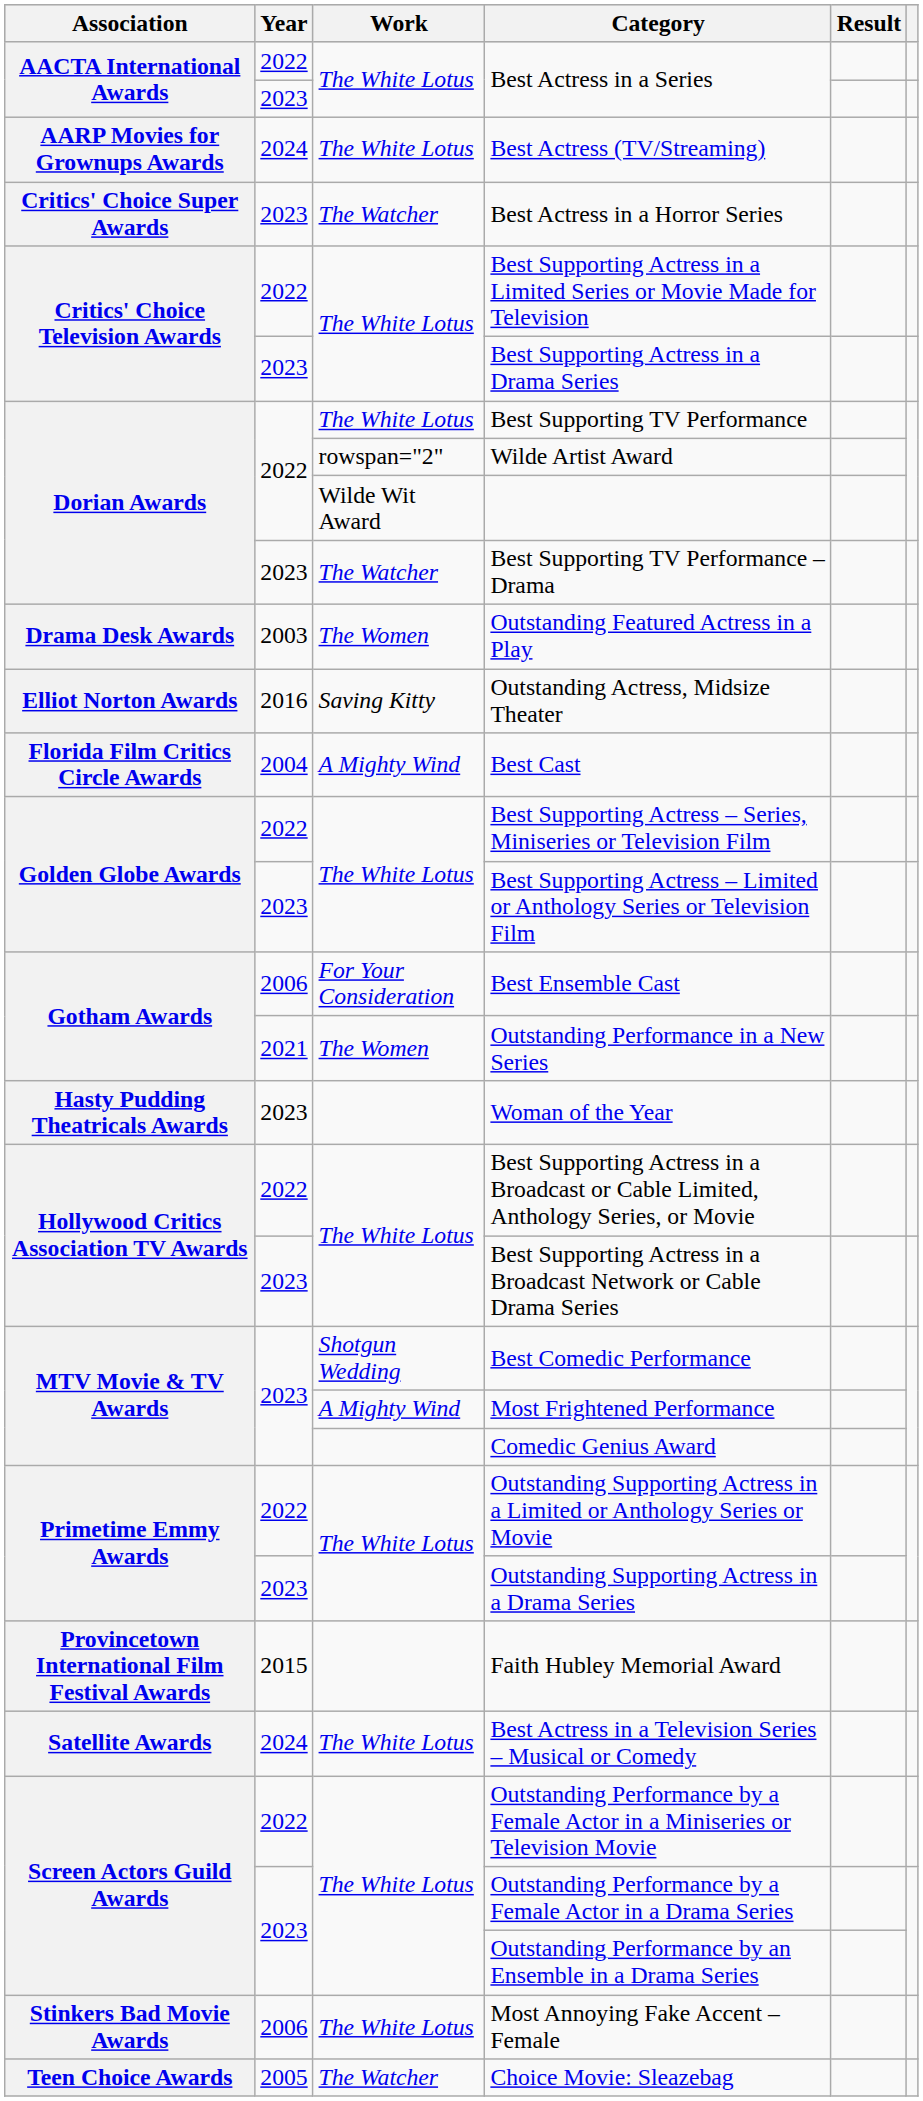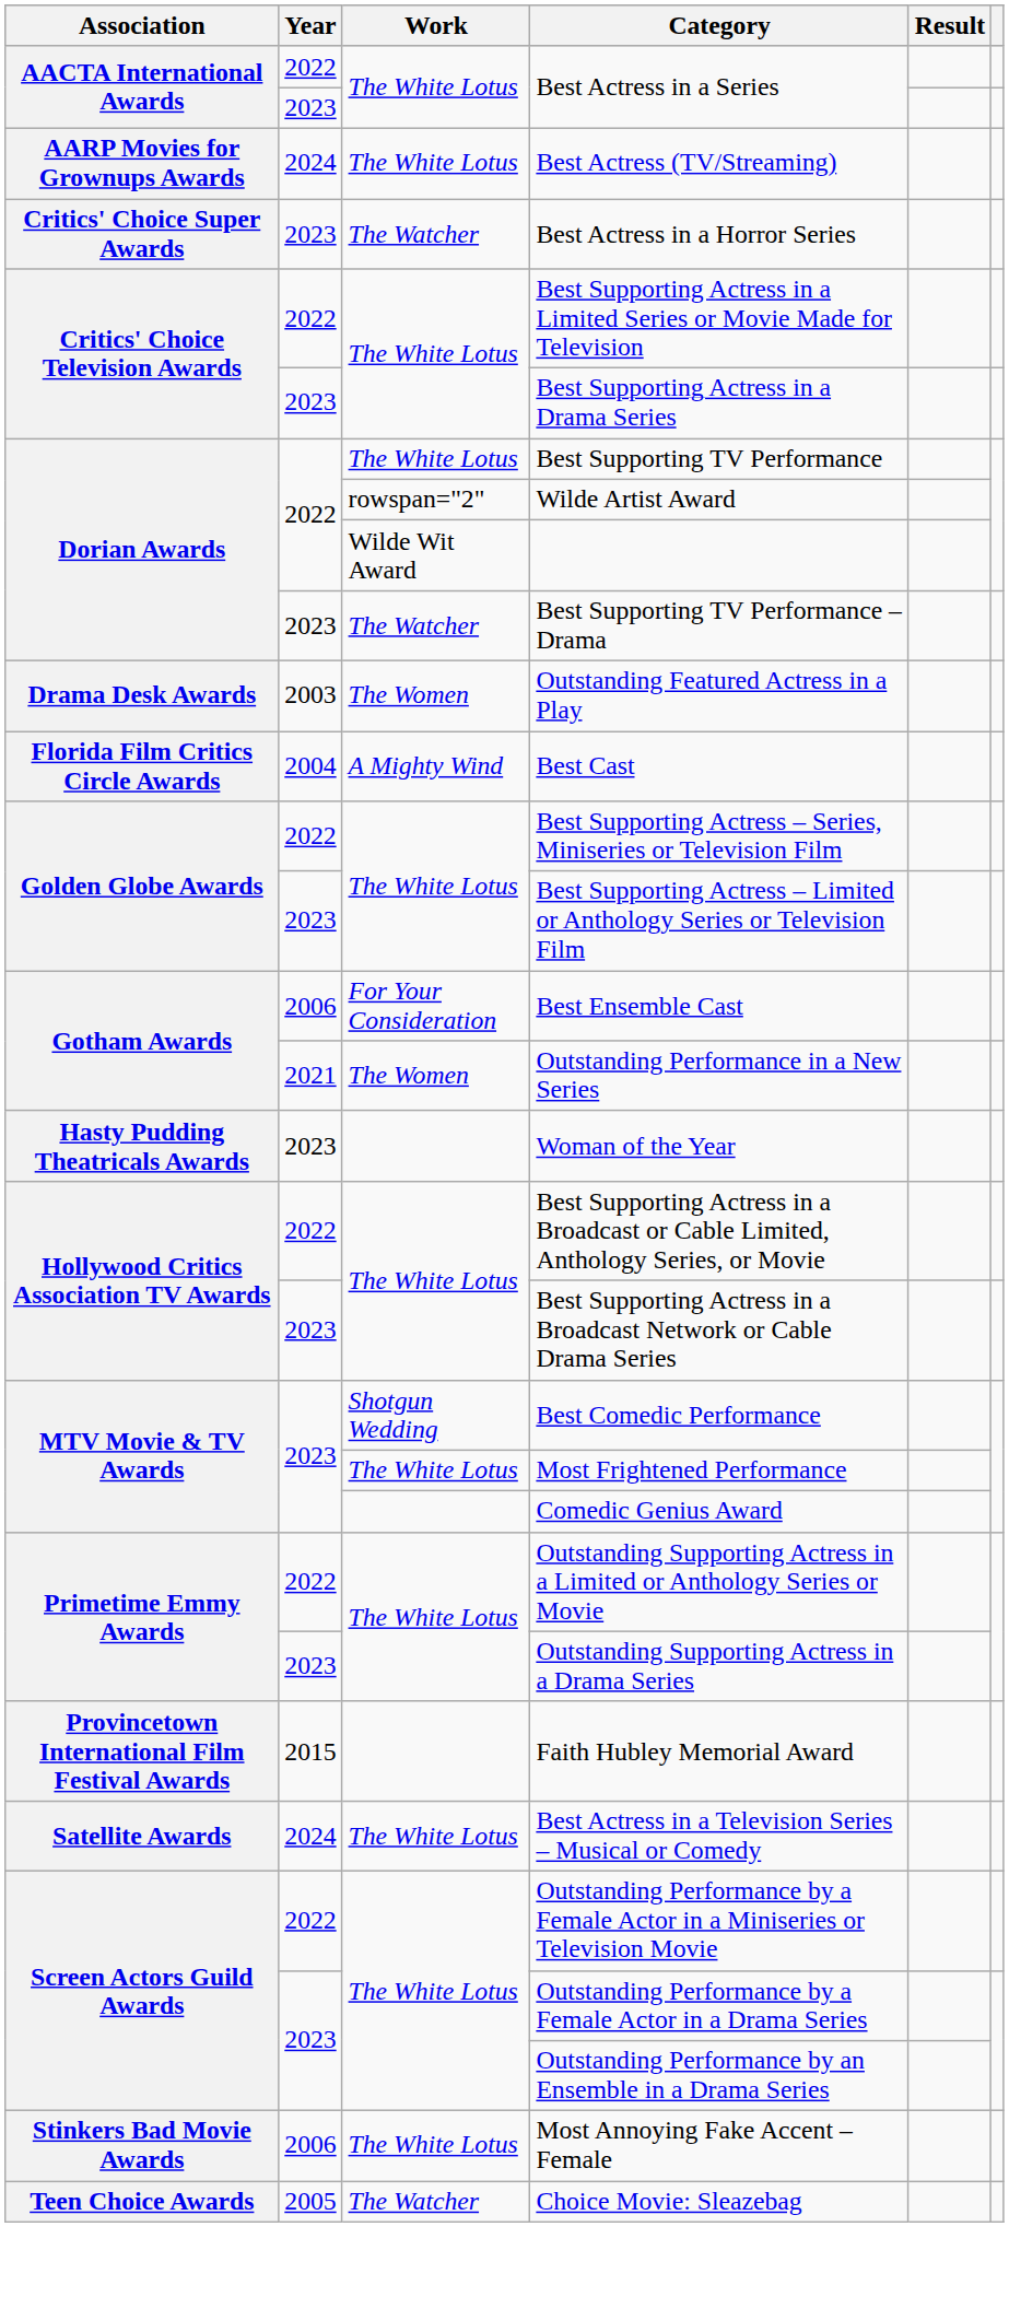 <table class="wikitable sortable plainrowheaders" style="width: 99%;">
 <tr style="background:#ccc; text-align:center;">
 <th scope="col">Association</th>
 <th scope="col">Year</th>
 <th scope="col">Work</th>
 <th scope="col">Category</th>
 <th scope="col">Result</th>
 <th scope="col" class="unsortable"></th>
 </tr>
 <tr>
 <th scope="row" rowspan="2"><a href='#'>AACTA International Awards</a></th>
 <td style="text-align:center;"><a href='#'>2022</a></td>
 <td rowspan="2"><em><a href='#'>The White Lotus</a></em></td>
 <td rowspan="2">Best Actress in a Series</td>
 <td></td>
 <td style="text-align:center;"></td>
 </tr>
 <tr>
 <td style="text-align:center;"><a href='#'>2023</a></td>
 <td></td>
 <td style="text-align:center;"></td>
 </tr>
 <tr>
 <th scope="row"><a href='#'>AARP Movies for Grownups Awards</a></th>
 <td style="text-align:center;"><a href='#'>2024</a></td>
 <td><em><a href='#'>The White Lotus</a></em></td>
 <td><a href='#'>Best Actress (TV/Streaming)</a></td>
 <td></td>
 <td style="text-align:center;"></td>
 </tr>
 <tr>
 <th scope="row"><a href='#'>Critics' Choice Super Awards</a></th>
 <td style="text-align:center;"><a href='#'>2023</a></td>
 <td><em><a href='#'>The Watcher</a></em></td>
 <td>Best Actress in a Horror Series</td>
 <td></td>
 <td style="text-align:center;"></td>
 </tr>
 <tr>
 <th scope="row" rowspan="2"><a href='#'>Critics' Choice Television Awards</a></th>
 <td style="text-align:center;"><a href='#'>2022</a></td>
 <td rowspan="2"><em><a href='#'>The White Lotus</a></em></td>
 <td><a href='#'>Best Supporting Actress in a Limited Series or Movie Made for Television</a></td>
 <td></td>
 <td style="text-align:center;"></td>
 </tr>
 <tr>
 <td style="text-align:center;"><a href='#'>2023</a></td>
 <td><a href='#'>Best Supporting Actress in a Drama Series</a></td>
 <td></td>
 <td align="center"></td>
 </tr>
 <tr>
 <th scope="row" rowspan="4"><a href='#'>Dorian Awards</a></th>
 <td style="text-align:center;" rowspan="3">2022</td>
 <td><em><a href='#'>The White Lotus</a></em></td>
 <td>Best Supporting TV Performance</td>
 <td></td>
 <td style="text-align:center;" rowspan="3"><br></td>
 </tr>
 <tr>
 <td>rowspan="2" </td>
 <td>Wilde Artist Award</td>
 <td></td>
 </tr>
 <tr>
 <td>Wilde Wit Award</td>
 <td></td>
 </tr>
 <tr>
 <td style="text-align:center;">2023</td>
 <td><em><a href='#'>The Watcher</a></em></td>
 <td>Best Supporting TV Performance – Drama</td>
 <td></td>
 <td style="text-align:center;"></td>
 </tr>
 <tr>
 <th scope="row"><a href='#'>Drama Desk Awards</a></th>
 <td style="text-align:center;">2003</td>
 <td><em><a href='#'>The Women</a></em></td>
 <td><a href='#'>Outstanding Featured Actress in a Play</a></td>
 <td></td>
 <td style="text-align:center;"></td>
 </tr>
 <tr>
-<th scope="row"><a href='#'>Elliot Norton Awards</a></th>
-<td style="text-align:center;">2016</td>
-<td><em>Saving Kitty</em></td>
-<td>Outstanding Actress, Midsize Theater</td>
-<td></td>
-<td style="text-align:center;"></td>
-</tr>
-<tr>
 <th scope="row"><a href='#'>Florida Film Critics Circle Awards</a></th>
 <td style="text-align:center;"><a href='#'>2004</a></td>
 <td><em><a href='#'>A Mighty Wind</a></em></td>
 <td><a href='#'>Best Cast</a></td>
 <td></td>
 <td style="text-align:center;"></td>
 </tr>
 <tr>
 <th scope="row" rowspan="2"><a href='#'>Golden Globe Awards</a></th>
 <td style="text-align:center;"><a href='#'>2022</a></td>
 <td rowspan="2"><em><a href='#'>The White Lotus</a></em></td>
 <td><a href='#'>Best Supporting Actress – Series, Miniseries or Television Film</a></td>
 <td></td>
 <td style="text-align:center;"></td>
 </tr>
 <tr>
 <td style="text-align:center;"><a href='#'>2023</a></td>
 <td><a href='#'>Best Supporting Actress – Limited or Anthology Series or Television Film</a></td>
 <td></td>
 <td style="text-align:center;"></td>
 </tr>
 <tr>
 <th scope="row" rowspan="2"><a href='#'>Gotham Awards</a></th>
 <td style="text-align:center;"><a href='#'>2006</a></td>
 <td><em><a href='#'>For Your Consideration</a></em></td>
 <td><a href='#'>Best Ensemble Cast</a></td>
 <td></td>
 <td style="text-align:center;"></td>
 </tr>
 <tr>
 <td style="text-align:center;"><a href='#'>2021</a></td>
 <td><em><a href='#'>The Women</a></em></td>
 <td><a href='#'>Outstanding Performance in a New Series</a></td>
 <td></td>
 <td style="text-align:center;"></td>
 </tr>
 <tr>
 <th scope="row"><a href='#'>Hasty Pudding Theatricals Awards</a></th>
 <td style="text-align:center;">2023</td>
 <td></td>
 <td><a href='#'>Woman of the Year</a></td>
 <td></td>
 <td style="text-align:center;"></td>
 </tr>
 <tr>
 <th scope="row" rowspan="2"><a href='#'>Hollywood Critics Association TV Awards</a></th>
 <td style="text-align:center;"><a href='#'>2022</a></td>
 <td rowspan="2"><em><a href='#'>The White Lotus</a></em></td>
 <td>Best Supporting Actress in a Broadcast or Cable Limited, Anthology Series, or Movie</td>
 <td></td>
 <td style="text-align:center;"></td>
 </tr>
 <tr>
 <td style="text-align:center;"><a href='#'>2023</a></td>
 <td>Best Supporting Actress in a Broadcast Network or Cable Drama Series</td>
 <td></td>
 <td style="text-align:center;"></td>
 </tr>
 <tr>
 <th scope="row" rowspan="3"><a href='#'>MTV Movie & TV Awards</a></th>
 <td style="text-align:center;" rowspan="3"><a href='#'>2023</a></td>
 <td><em><a href='#'>Shotgun Wedding</a></em></td>
 <td><a href='#'>Best Comedic Performance</a></td>
 <td></td>
 <td style="text-align:center;" rowspan="3"></td>
 </tr>
 <tr>
-<td><em><a href='#'>A Mighty Wind</a></em></td>
+<td><em><a href='#'>The White Lotus</a></em></td>
 <td><a href='#'>Most Frightened Performance</a></td>
 <td></td>
 </tr>
 <tr>
 <td></td>
 <td><a href='#'>Comedic Genius Award</a></td>
 <td></td>
 </tr>
 <tr>
 <th scope="row" rowspan="2"><a href='#'>Primetime Emmy Awards</a></th>
 <td style="text-align:center;"><a href='#'>2022</a></td>
 <td rowspan="2"><em><a href='#'>The White Lotus</a></em></td>
 <td><a href='#'>Outstanding Supporting Actress in a Limited or Anthology Series or Movie</a></td>
 <td></td>
 <td style="text-align:center;" rowspan="2"></td>
 </tr>
 <tr>
 <td style="text-align:center;"><a href='#'>2023</a></td>
 <td><a href='#'>Outstanding Supporting Actress in a Drama Series</a></td>
 <td></td>
 </tr>
 <tr>
 <th scope="row"><a href='#'>Provincetown International Film Festival Awards</a></th>
 <td style="text-align:center;">2015</td>
 <td></td>
 <td>Faith Hubley Memorial Award</td>
 <td></td>
 <td style="text-align:center;"></td>
 </tr>
 <tr>
 <th scope="row"><a href='#'>Satellite Awards</a></th>
 <td style="text-align:center;"><a href='#'>2024</a></td>
 <td><em><a href='#'>The White Lotus</a></em></td>
 <td><a href='#'>Best Actress in a Television Series – Musical or Comedy</a></td>
 <td></td>
 <td style="text-align:center;"></td>
 </tr>
 <tr>
 <th scope="row" rowspan="3"><a href='#'>Screen Actors Guild Awards</a></th>
 <td style="text-align:center;"><a href='#'>2022</a></td>
 <td rowspan="3"><em><a href='#'>The White Lotus</a></em></td>
 <td><a href='#'>Outstanding Performance by a Female Actor in a Miniseries or Television Movie</a></td>
 <td></td>
 <td style="text-align:center;"></td>
 </tr>
 <tr>
 <td style="text-align:center;" rowspan="2"><a href='#'>2023</a></td>
 <td><a href='#'>Outstanding Performance by a Female Actor in a Drama Series</a></td>
 <td></td>
 <td style="text-align:center;" rowspan="2"></td>
 </tr>
 <tr>
 <td><a href='#'>Outstanding Performance by an Ensemble in a Drama Series</a></td>
 <td></td>
 </tr>
 <tr>
 <th scope="row"><a href='#'>Stinkers Bad Movie Awards</a></th>
 <td style="text-align:center;"><a href='#'>2006</a></td>
 <td><em><a href='#'>The White Lotus</a></em></td>
 <td>Most Annoying Fake Accent – Female</td>
 <td></td>
 <td style="text-align:center;"></td>
 </tr>
 <tr>
 <th scope="row"><a href='#'>Teen Choice Awards</a></th>
 <td style="text-align:center;"><a href='#'>2005</a></td>
 <td><em><a href='#'>The Watcher</a></em></td>
 <td><a href='#'>Choice Movie: Sleazebag</a></td>
 <td></td>
 <td style="text-align:center;"></td>
 </tr>
 </table>
